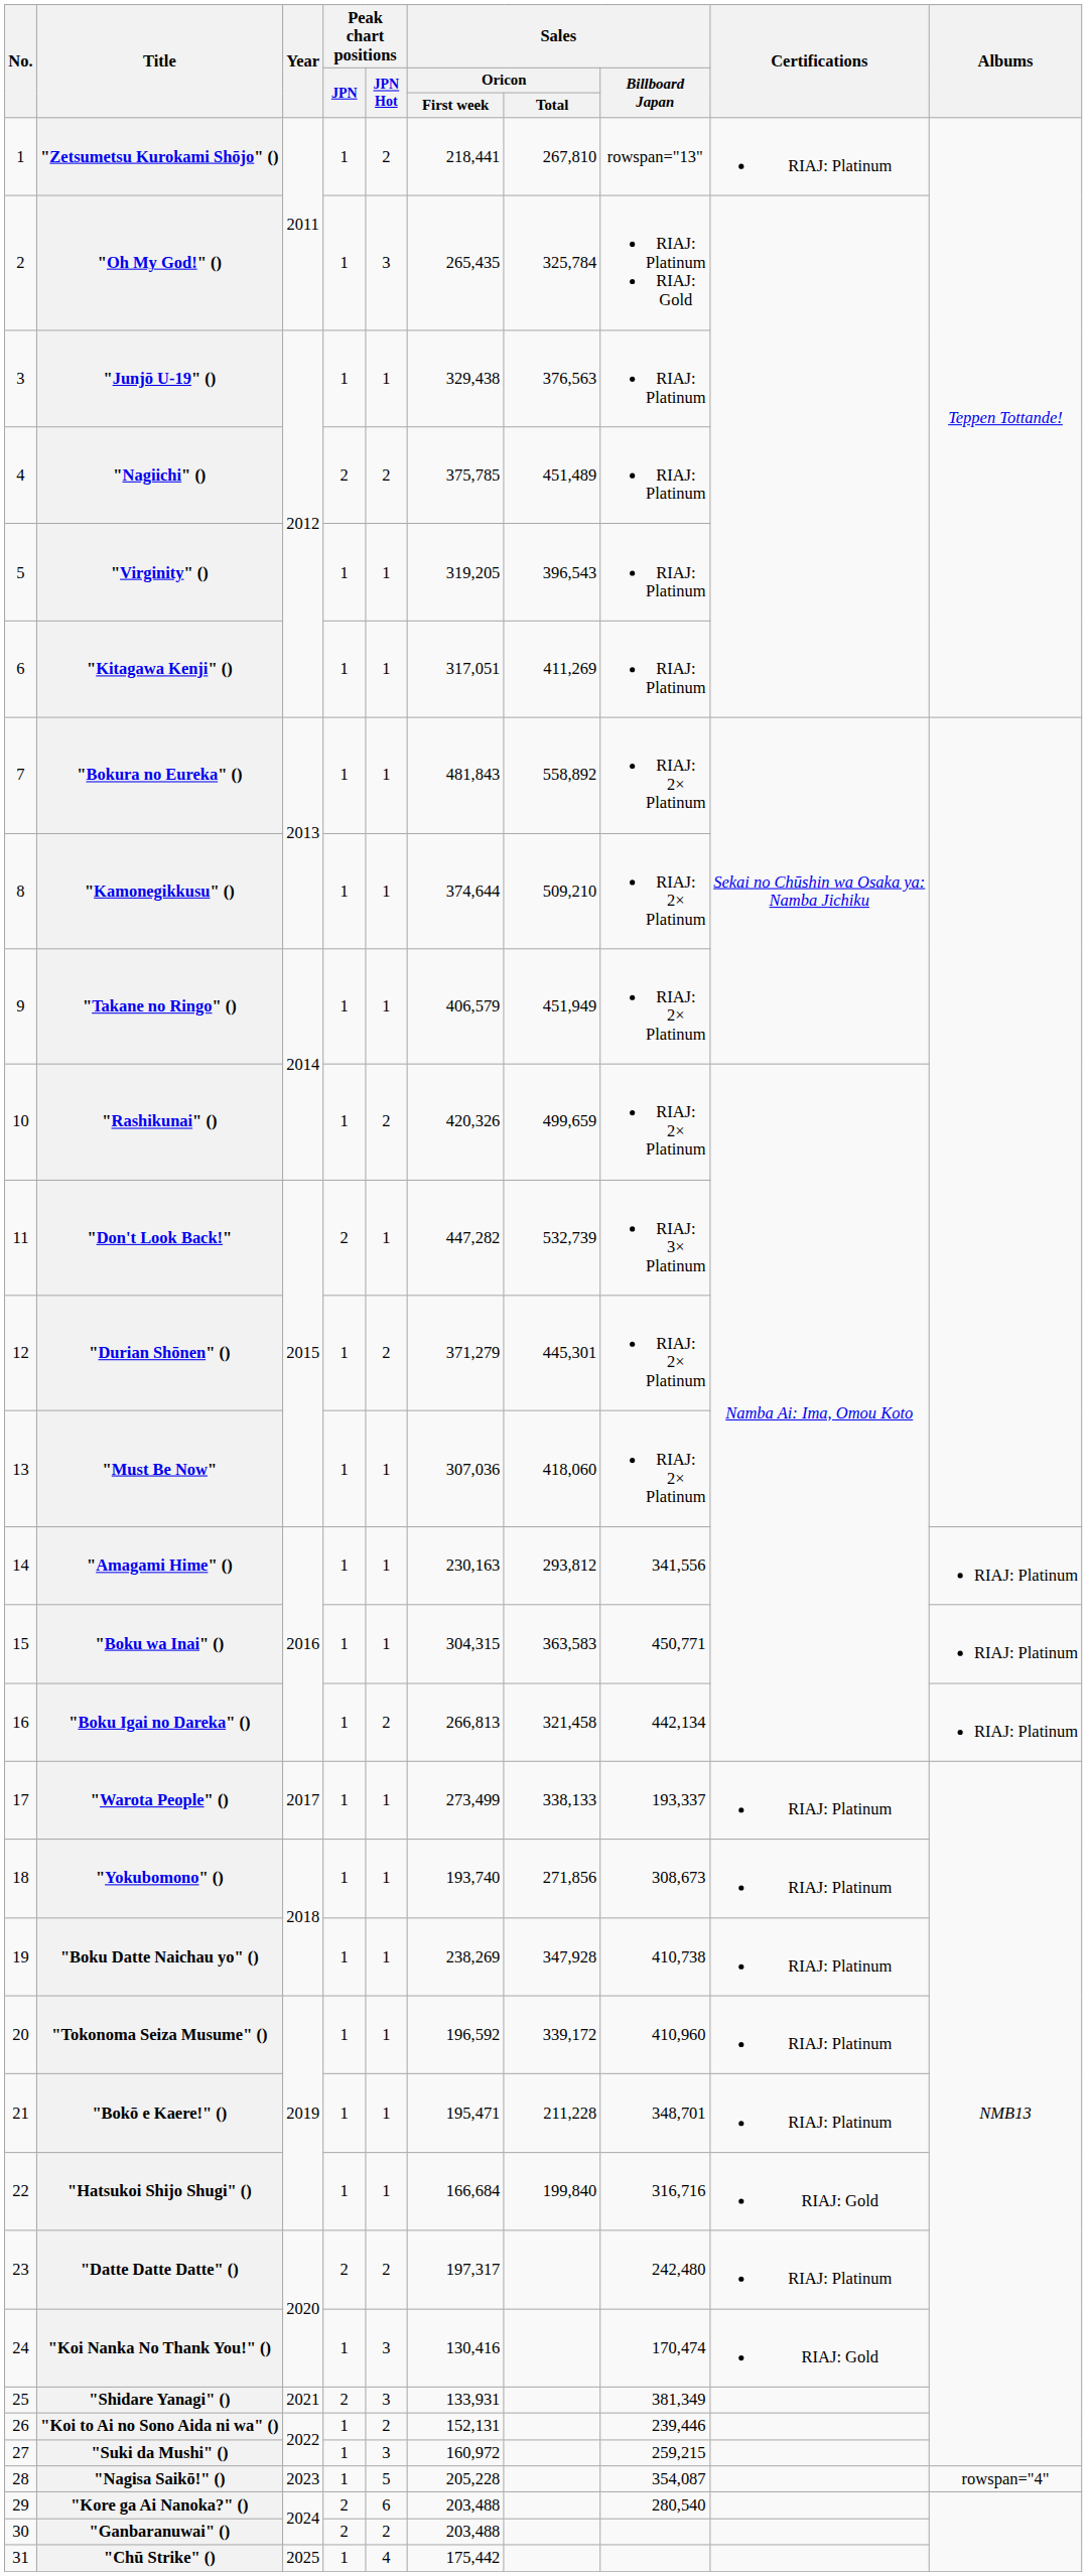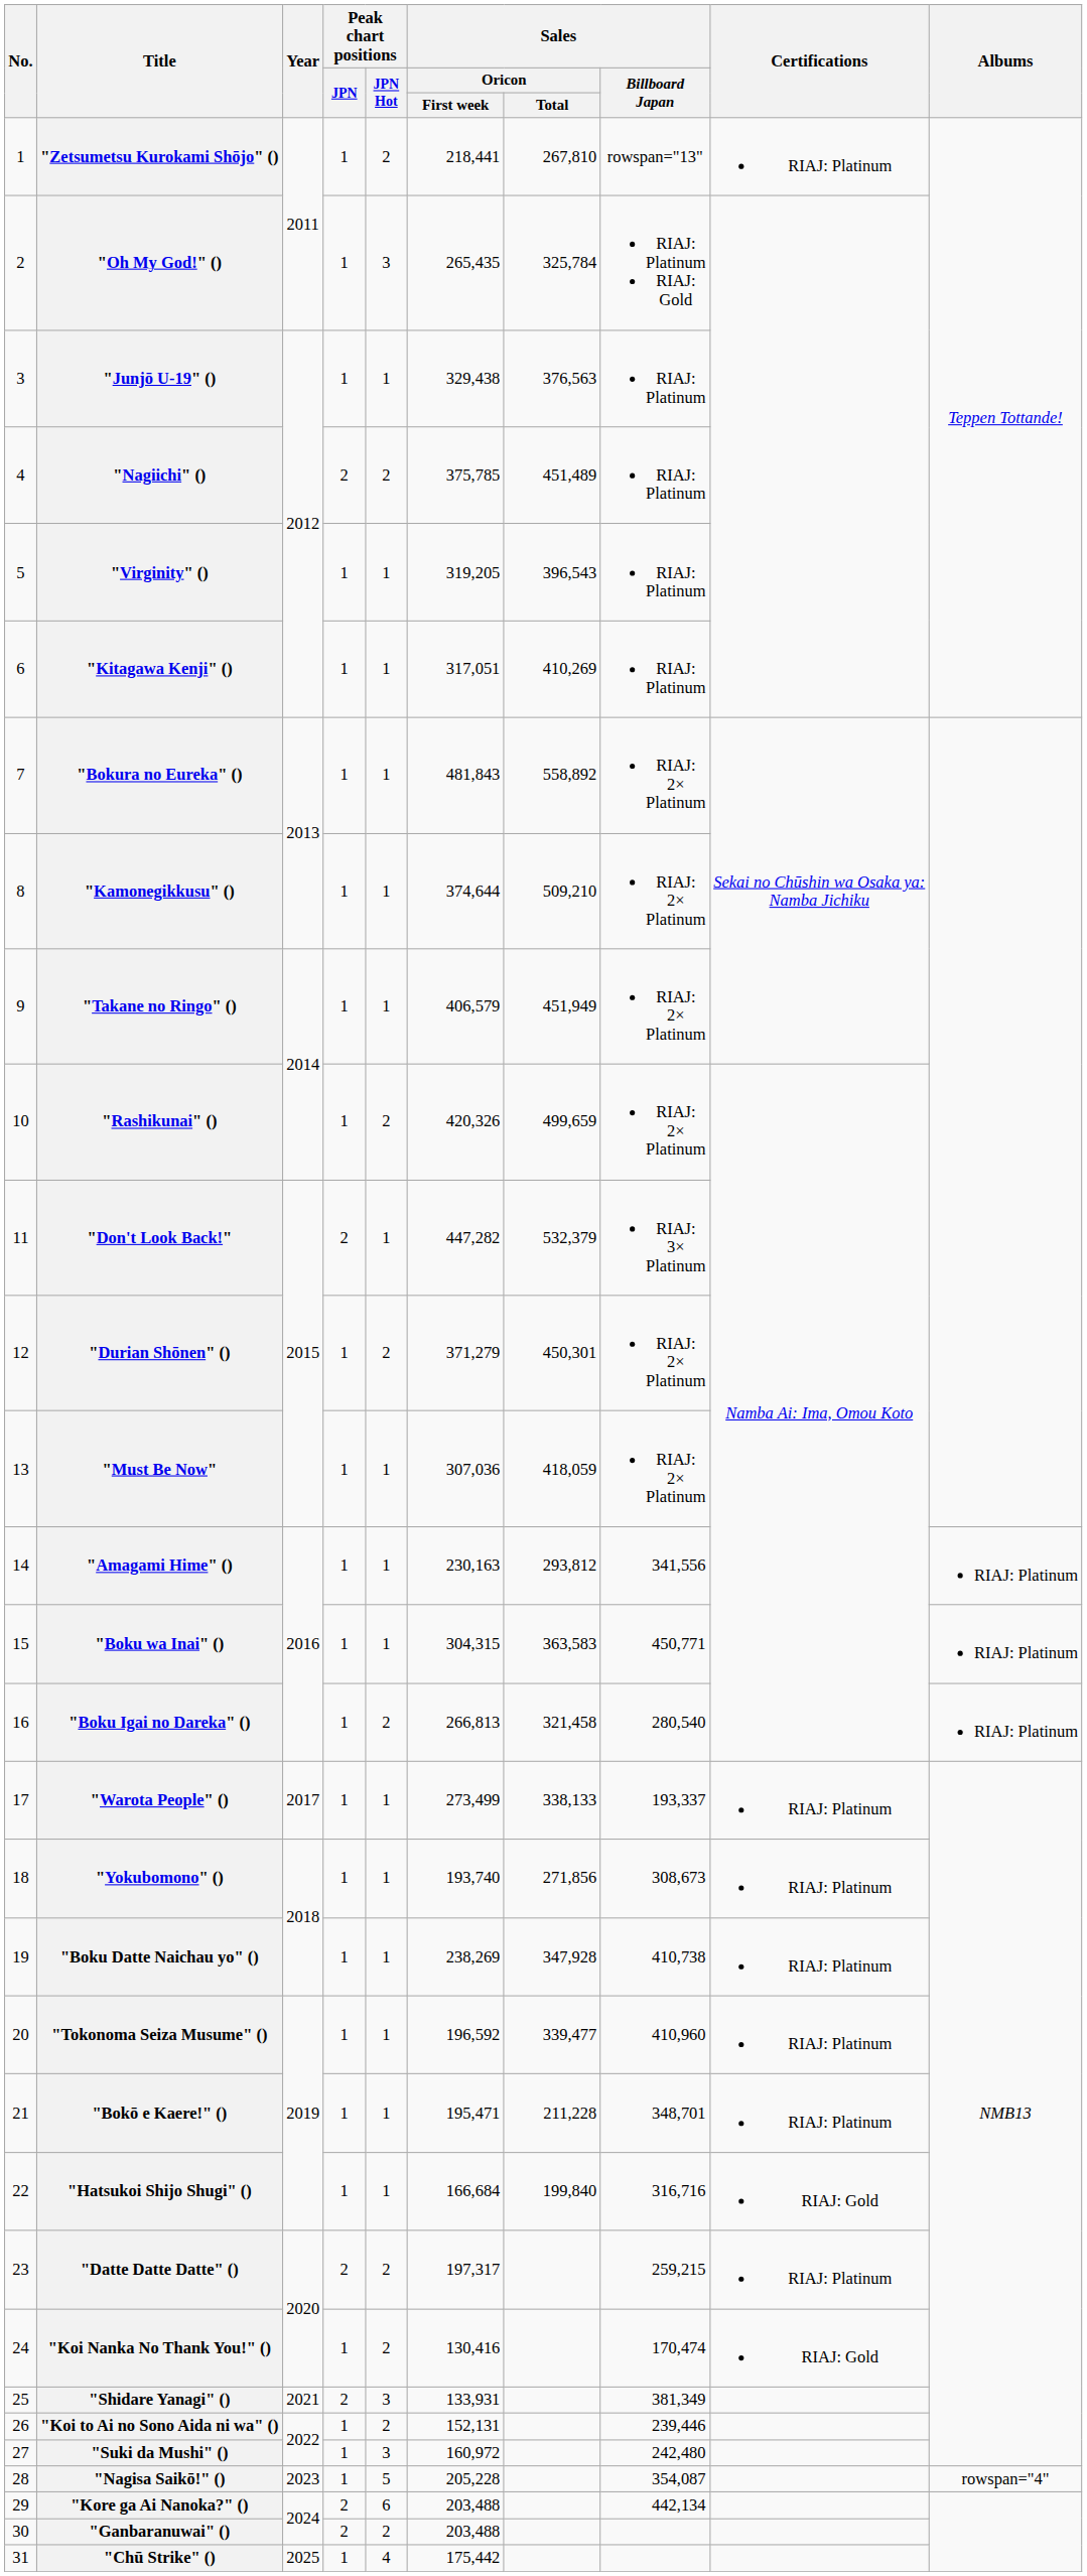 <table class="wikitable plainrowheaders" style="text-align:center;">
 <tr>
 <th rowspan="3">No.</th>
 <th rowspan="3">Title</th>
 <th rowspan="3">Year</th>
 <th colspan="2">Peak chart positions</th>
 <th colspan="3">Sales</th>
 <th rowspan="3">Certifications</th>
 <th rowspan="3">Albums</th>
 </tr>
 <tr>
 <th rowspan="2" style="width:2.5em;font-size:85%;"><a href='#'>JPN</a><br></th>
 <th rowspan="2" style="width:2.5em;font-size:85%;"><a href='#'>JPN<br>Hot</a><br></th>
 <th style="width:6em;font-size:90%;" colspan="2">Oricon</th>
 <th style="width:6em;font-size:90%;" rowspan="2"><em>Billboard<br>Japan</em></th>
 </tr>
 <tr>
 <th style="width:6em;font-size:90%;">First week</th>
 <th style="width:6em;font-size:90%;">Total</th>
 </tr>
 <tr>
 <td>1</td>
 <th scope="row">"<a href='#'>Zetsumetsu Kurokami Shōjo</a>" ()</th>
 <td rowspan=2>2011</td>
 <td>1</td>
 <td>2</td>
 <td align="right">218,441</td>
 <td align="right">267,810</td>
 <td>rowspan="13" </td>
 <td><br><ul><li>RIAJ: Platinum </li></ul></td>
 <td rowspan="6"><em><a href='#'>Teppen Tottande!</a></em></td>
 </tr>
 <tr>
 <td>2</td>
 <th scope="row">"<a href='#'>Oh My God!</a>" ()</th>
 <td>1</td>
 <td>3</td>
 <td align="right">265,435</td>
 <td align="right">325,784</td>
 <td><br><ul><li>RIAJ: Platinum </li><li>RIAJ: Gold </li></ul></td>
 </tr>
 <tr>
 <td>3</td>
 <th scope="row">"<a href='#'>Junjō U-19</a>" ()</th>
 <td rowspan=4>2012</td>
 <td>1</td>
 <td>1</td>
 <td align="right">329,438</td>
 <td align="right">376,563</td>
 <td><br><ul><li>RIAJ: Platinum </li></ul></td>
 </tr>
 <tr>
 <td>4</td>
 <th scope="row">"<a href='#'>Nagiichi</a>" ()</th>
 <td>2</td>
 <td>2</td>
 <td align="right">375,785</td>
 <td align="right">451,489</td>
 <td><br><ul><li>RIAJ: Platinum </li></ul></td>
 </tr>
 <tr>
 <td>5</td>
 <th scope="row">"<a href='#'>Virginity</a>" ()</th>
 <td>1</td>
 <td>1</td>
 <td align="right">319,205</td>
 <td align="right">396,543</td>
 <td><br><ul><li>RIAJ: Platinum </li></ul></td>
 </tr>
 <tr>
 <td>6</td>
 <th scope="row">"<a href='#'>Kitagawa Kenji</a>" ()</th>
 <td>1</td>
 <td>1</td>
 <td align="right">317,051</td>
-<td align="right">411,269</td>
+<td align="right">410,269</td>
 <td><br><ul><li>RIAJ: Platinum </li></ul></td>
 </tr>
 <tr>
 <td>7</td>
 <th scope="row">"<a href='#'>Bokura no Eureka</a>" ()</th>
 <td rowspan=2>2013</td>
 <td>1</td>
 <td>1</td>
 <td align="right">481,843</td>
 <td align="right">558,892</td>
 <td><br><ul><li>RIAJ: 2× Platinum </li></ul></td>
 <td rowspan="3"><em><a href='#'>Sekai no Chūshin wa Osaka ya:<br>Namba Jichiku</a></em></td>
 </tr>
 <tr>
 <td>8</td>
 <th scope="row">"<a href='#'>Kamonegikkusu</a>" ()</th>
 <td>1</td>
 <td>1</td>
 <td align="right">374,644</td>
 <td align="right">509,210</td>
 <td><br><ul><li>RIAJ: 2× Platinum </li></ul></td>
 </tr>
 <tr>
 <td>9</td>
 <th scope="row">"<a href='#'>Takane no Ringo</a>" ()</th>
 <td rowspan=2>2014</td>
 <td>1</td>
 <td>1</td>
 <td align="right">406,579</td>
 <td align="right">451,949</td>
 <td><br><ul><li>RIAJ: 2× Platinum </li></ul></td>
 </tr>
 <tr>
 <td>10</td>
 <th scope="row">"<a href='#'>Rashikunai</a>" ()</th>
 <td>1</td>
 <td>2</td>
 <td align="right">420,326</td>
 <td align="right">499,659</td>
 <td><br><ul><li>RIAJ: 2× Platinum </li></ul></td>
 <td rowspan="7"><em><a href='#'>Namba Ai: Ima, Omou Koto</a></em></td>
 </tr>
 <tr>
 <td>11</td>
 <th scope="row">"<a href='#'>Don't Look Back!</a>"</th>
 <td rowspan=3>2015</td>
 <td>2</td>
 <td>1</td>
 <td align="right">447,282</td>
-<td align="right">532,739</td>
+<td align="right">532,379</td>
 <td><br><ul><li>RIAJ: 3× Platinum </li></ul></td>
 </tr>
 <tr>
 <td>12</td>
 <th scope="row">"<a href='#'>Durian Shōnen</a>" ()</th>
 <td>1</td>
 <td>2</td>
 <td align="right">371,279</td>
-<td align="right">445,301</td>
+<td align="right">450,301</td>
 <td><br><ul><li>RIAJ: 2× Platinum </li></ul></td>
 </tr>
 <tr>
 <td>13</td>
 <th scope="row">"<a href='#'>Must Be Now</a>"</th>
 <td>1</td>
 <td>1</td>
 <td align="right">307,036</td>
-<td align="right">418,060</td>
+<td align="right">418,059</td>
 <td><br><ul><li>RIAJ: 2× Platinum </li></ul></td>
 </tr>
 <tr>
 <td>14</td>
 <th scope="row">"<a href='#'>Amagami Hime</a>" ()</th>
 <td rowspan=3>2016</td>
 <td>1</td>
 <td>1</td>
 <td align="right">230,163</td>
 <td align="right">293,812</td>
 <td align="right">341,556</td>
 <td><br><ul><li>RIAJ: Platinum </li></ul></td>
 </tr>
 <tr>
 <td>15</td>
 <th scope="row">"<a href='#'>Boku wa Inai</a>" ()</th>
 <td>1</td>
 <td>1</td>
 <td align="right">304,315</td>
 <td align="right">363,583</td>
 <td align="right">450,771</td>
 <td><br><ul><li>RIAJ: Platinum </li></ul></td>
 </tr>
 <tr>
 <td>16</td>
 <th scope="row">"<a href='#'>Boku Igai no Dareka</a>" ()</th>
 <td>1</td>
 <td>2</td>
 <td align="right">266,813</td>
 <td align="right">321,458</td>
-<td align="right">442,134</td>
+<td align="right">280,540</td>
 <td><br><ul><li>RIAJ: Platinum </li></ul></td>
 </tr>
 <tr>
 <td>17</td>
 <th scope="row">"<a href='#'>Warota People</a>" ()</th>
 <td>2017</td>
 <td>1</td>
 <td>1</td>
 <td align="right">273,499</td>
 <td align="right">338,133</td>
 <td align="right">193,337</td>
 <td><br><ul><li>RIAJ: Platinum </li></ul></td>
 <td rowspan="11"><em>NMB13</em></td>
 </tr>
 <tr>
 <td>18</td>
 <th scope="row">"<a href='#'>Yokubomono</a>" ()</th>
 <td rowspan=2>2018</td>
 <td>1</td>
 <td>1</td>
 <td align="right">193,740</td>
 <td align="right">271,856</td>
 <td align="right">308,673</td>
 <td><br><ul><li>RIAJ: Platinum </li></ul></td>
 </tr>
 <tr>
 <td>19</td>
 <th scope="row">"Boku Datte Naichau yo" ()</th>
 <td>1</td>
 <td>1</td>
 <td align="right">238,269</td>
 <td align="right">347,928</td>
 <td align="right">410,738</td>
 <td><br><ul><li>RIAJ: Platinum </li></ul></td>
 </tr>
 <tr>
 <td>20</td>
 <th scope="row">"Tokonoma Seiza Musume" ()</th>
 <td rowspan=3>2019</td>
 <td>1</td>
 <td>1</td>
 <td align="right">196,592</td>
-<td align="right">339,172</td>
+<td align="right">339,477</td>
 <td align="right">410,960</td>
 <td><br><ul><li>RIAJ: Platinum </li></ul></td>
 </tr>
 <tr>
 <td>21</td>
 <th scope="row">"Bokō e Kaere!" ()</th>
 <td>1</td>
 <td>1</td>
 <td align="right">195,471</td>
 <td align="right">211,228</td>
 <td align="right">348,701</td>
 <td><br><ul><li>RIAJ: Platinum </li></ul></td>
 </tr>
 <tr>
 <td>22</td>
 <th scope="row">"Hatsukoi Shijo Shugi" ()</th>
 <td>1</td>
 <td>1</td>
 <td align="right">166,684</td>
 <td align="right">199,840</td>
 <td align="right">316,716</td>
 <td><br><ul><li>RIAJ: Gold </li></ul></td>
 </tr>
 <tr>
 <td>23</td>
 <th scope="row">"Datte Datte Datte" ()</th>
 <td rowspan=2>2020</td>
 <td>2</td>
 <td>2</td>
 <td align="right">197,317</td>
 <td align="right"></td>
-<td align="right">242,480</td>
+<td align="right">259,215</td>
 <td><br><ul><li>RIAJ: Platinum </li></ul></td>
 </tr>
 <tr>
 <td>24</td>
 <th scope="row">"Koi Nanka No Thank You!" ()</th>
 <td>1</td>
-<td>3</td>
+<td>2</td>
 <td align="right">130,416</td>
 <td align="right"></td>
 <td align="right">170,474</td>
 <td><br><ul><li>RIAJ: Gold </li></ul></td>
 </tr>
 <tr>
 <td>25</td>
 <th scope="row">"Shidare Yanagi" ()</th>
 <td>2021</td>
 <td>2</td>
 <td>3</td>
 <td align="right">133,931</td>
 <td align="right"></td>
 <td align="right">381,349</td>
 <td></td>
 </tr>
 <tr>
 <td>26</td>
 <th scope="row">"Koi to Ai no Sono Aida ni wa" ()</th>
 <td rowspan="2">2022</td>
 <td>1</td>
 <td>2</td>
 <td align="right">152,131</td>
 <td align="right"></td>
 <td align="right">239,446</td>
 <td></td>
 </tr>
 <tr>
 <td>27</td>
 <th scope="row">"Suki da Mushi" ()</th>
 <td>1</td>
 <td>3</td>
 <td align="right">160,972</td>
 <td align="right"></td>
-<td align="right">259,215</td>
+<td align="right">242,480</td>
 <td></td>
 </tr>
 <tr>
 <td>28</td>
 <th scope="row">"Nagisa Saikō!" ()</th>
 <td>2023</td>
 <td>1</td>
 <td>5</td>
 <td align="right">205,228</td>
 <td align="right"></td>
 <td align="right">354,087</td>
 <td></td>
 <td>rowspan="4" </td>
 </tr>
 <tr>
 <td>29</td>
 <th scope="row">"Kore ga Ai Nanoka?" ()</th>
 <td rowspan="2">2024</td>
 <td>2</td>
 <td>6</td>
 <td align="right">203,488</td>
 <td align="right"></td>
-<td align="right">280,540</td>
+<td align="right">442,134</td>
 <td></td>
 </tr>
 <tr>
 <td>30</td>
 <th scope="row">"Ganbaranuwai" ()</th>
 <td>2</td>
 <td>2</td>
 <td align="right">203,488</td>
 <td align="right"></td>
 <td align="right"></td>
 <td></td>
 </tr>
 <tr>
 <td>31</td>
 <th scope="row">"Chū Strike" ()</th>
 <td>2025</td>
 <td>1</td>
 <td>4</td>
 <td align="right">175,442</td>
 <td align="right"></td>
 <td align="right"></td>
 <td></td>
 </tr>
 </table>
